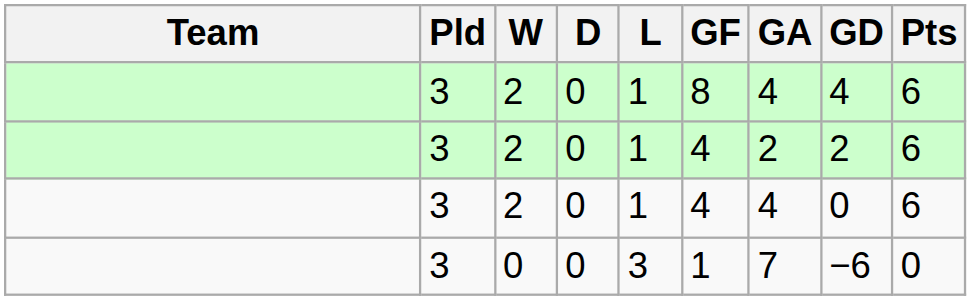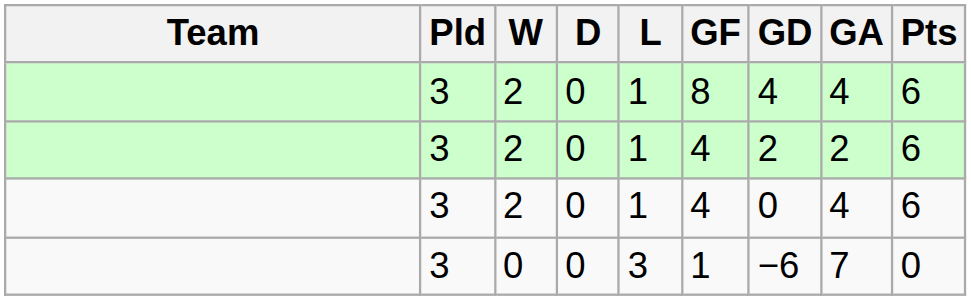 <table class="wikitable">
 <tr>
 <th width=175>Team</th>
 <th width=20 abbr="Played">Pld</th>
 <th width=20 abbr="Won">W</th>
 <th width=20 abbr="Drawn">D</th>
 <th width=20 abbr="Lost">L</th>
 <th width=20 abbr="Goals for">GF</th>
+<th width=20 abbr="Goal difference">GD</th>
 <th width=20 abbr="Goals against">GA</th>
-<th width=20 abbr="Goal difference">GD</th>
 <th width=20 abbr="Points">Pts</th>
 </tr>
 <tr bgcolor=#ccffcc>
 <td></td>
 <td>3</td>
 <td>2</td>
 <td>0</td>
 <td>1</td>
 <td>8</td>
 <td>4</td>
 <td>4</td>
 <td>6</td>
 </tr>
 <tr bgcolor=#ccffcc>
 <td></td>
 <td>3</td>
 <td>2</td>
 <td>0</td>
 <td>1</td>
 <td>4</td>
 <td>2</td>
 <td>2</td>
 <td>6</td>
 </tr>
 <tr>
 <td></td>
 <td>3</td>
 <td>2</td>
 <td>0</td>
 <td>1</td>
 <td>4</td>
+<td>0</td>
 <td>4</td>
-<td>0</td>
 <td>6</td>
 </tr>
 <tr>
 <td></td>
 <td>3</td>
 <td>0</td>
 <td>0</td>
 <td>3</td>
 <td>1</td>
+<td>−6</td>
 <td>7</td>
-<td>−6</td>
 <td>0</td>
 </tr>
 </table>
